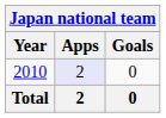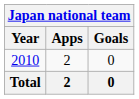 <table class="wikitable" style="text-align:center">
 <tr>
 <th colspan=3><a href='#'>Japan national team</a></th>
 </tr>
 <tr>
 <th>Year</th>
 <th>Apps</th>
 <th>Goals</th>
 </tr>
 <tr>
 <td><a href='#'>2010</a></td>
-<td style="background: lavender;">2</td>
+<td>2</td>
 <td>0</td>
 </tr>
 <tr>
 <th>Total</th>
 <th>2</th>
 <th>0</th>
 </tr>
 </table>
